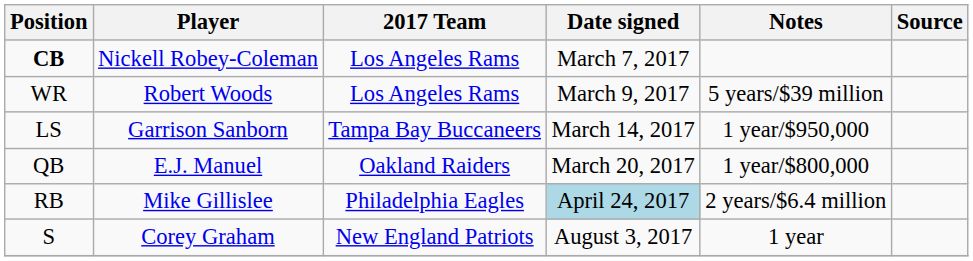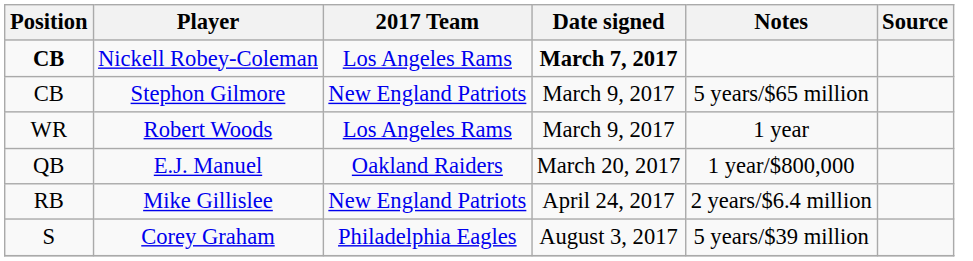 <table class="wikitable sortable" style="text-align: center">
 <tr>
 <th>Position</th>
 <th>Player</th>
 <th>2017 Team</th>
 <th>Date signed</th>
 <th>Notes</th>
 <th>Source</th>
 </tr>
 <tr>
 <td><strong>CB</strong></td>
 <td><a href='#'>Nickell Robey-Coleman</a></td>
 <td><a href='#'>Los Angeles Rams</a></td>
-<td>March 7, 2017</td>
+<td><strong>March 7, 2017</strong></td>
 <td></td>
+<td></td>
+</tr>
+<tr>
+<td>CB</td>
+<td><a href='#'>Stephon Gilmore</a></td>
+<td><a href='#'>New England Patriots</a></td>
+<td>March 9, 2017</td>
+<td>5 years/$65 million</td>
 <td></td>
 </tr>
 <tr>
 <td>WR</td>
 <td><a href='#'>Robert Woods</a></td>
 <td><a href='#'>Los Angeles Rams</a></td>
 <td>March 9, 2017</td>
-<td>5 years/$39 million</td>
-<td></td>
-</tr>
-<tr>
-<td>LS</td>
-<td><a href='#'>Garrison Sanborn</a></td>
-<td><a href='#'>Tampa Bay Buccaneers</a></td>
-<td>March 14, 2017</td>
-<td>1 year/$950,000</td>
+<td>1 year</td>
 <td></td>
 </tr>
 <tr>
 <td>QB</td>
 <td><a href='#'>E.J. Manuel</a></td>
 <td><a href='#'>Oakland Raiders</a></td>
 <td>March 20, 2017</td>
 <td>1 year/$800,000</td>
 <td></td>
 </tr>
 <tr>
 <td>RB</td>
 <td><a href='#'>Mike Gillislee</a></td>
-<td><a href='#'>Philadelphia Eagles</a></td>
-<td style="background: lightblue;">April 24, 2017</td>
+<td><a href='#'>New England Patriots</a></td>
+<td>April 24, 2017</td>
 <td>2 years/$6.4 million</td>
 <td></td>
 </tr>
 <tr>
 <td>S</td>
 <td><a href='#'>Corey Graham</a></td>
-<td><a href='#'>New England Patriots</a></td>
+<td><a href='#'>Philadelphia Eagles</a></td>
 <td>August 3, 2017</td>
-<td>1 year</td>
+<td>5 years/$39 million</td>
 <td></td>
 </tr>
 <tr>
 </tr>
 </table>
